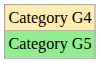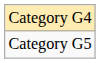 <table class="wikitable" style="font-size:85%;">
 <tr bgcolor=#ffecb2>
 <td>Category G4</td>
 </tr>
 <tr>
-<td style="background: lightgreen;">Category G5</td>
+<td>Category G5</td>
 </tr>
 </table>
